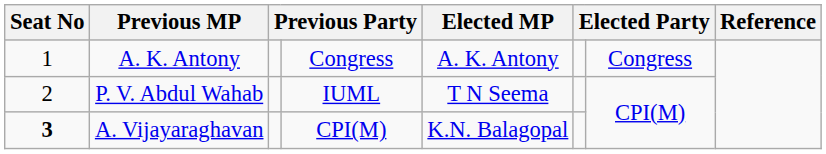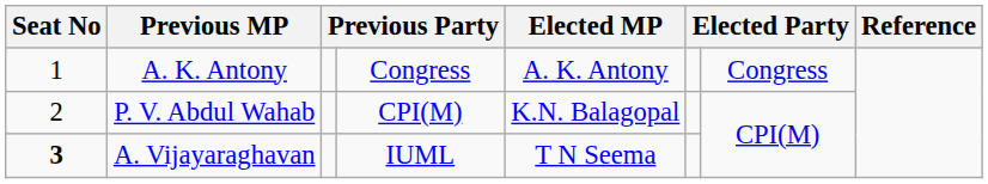 <table class="wikitable">
 <tr>
 <th>Seat No</th>
 <th>Previous MP</th>
 <th colspan=2>Previous Party</th>
 <th>Elected MP</th>
 <th colspan=2>Elected Party</th>
 <th>Reference</th>
 </tr>
 <tr style="text-align:center;">
 <td>1</td>
 <td><a href='#'>A. K. Antony</a></td>
 <td width="1px"></td>
 <td><a href='#'>Congress</a></td>
 <td><a href='#'>A. K. Antony</a></td>
 <td width="1px"></td>
 <td><a href='#'>Congress</a></td>
 <td rowspan=3></td>
 </tr>
 <tr style="text-align:center;">
 <td>2</td>
 <td><a href='#'>P. V. Abdul Wahab</a></td>
 <td width="1px"></td>
-<td><a href='#'>IUML</a></td>
-<td><a href='#'>T N Seema</a></td>
+<td><a href='#'>CPI(M)</a></td>
+<td><a href='#'>K.N. Balagopal</a></td>
 <td width="1px"></td>
 <td rowspan=2><a href='#'>CPI(M)</a></td>
 </tr>
 <tr style="text-align:center;">
 <td><strong>3</strong></td>
 <td><a href='#'>A. Vijayaraghavan</a></td>
 <td width="1px"></td>
-<td><a href='#'>CPI(M)</a></td>
-<td><a href='#'>K.N. Balagopal</a></td>
+<td><a href='#'>IUML</a></td>
+<td><a href='#'>T N Seema</a></td>
 </tr>
 </table>
